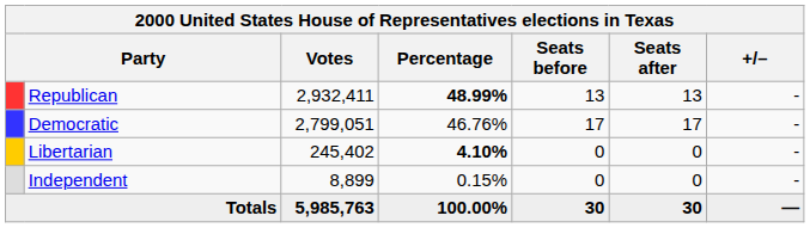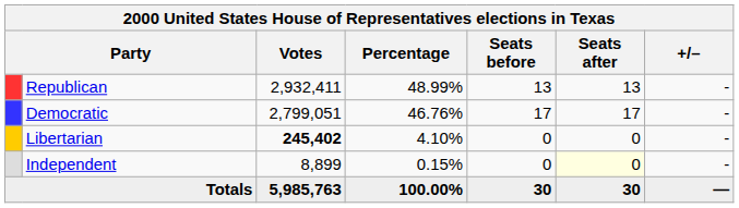 <table class="wikitable" style="font-size: 95%;">
 <tr>
 <th colspan="7">2000 United States House of Representatives elections in Texas</th>
 </tr>
 <tr>
 <th colspan=2 style="width: 15em">Party</th>
 <th style="width: 5em">Votes</th>
 <th style="width: 7em">Percentage</th>
 <th style="width: 5em">Seats before</th>
 <th style="width: 5em">Seats after</th>
 <th style="width: 5em">+/–</th>
 </tr>
 <tr>
 <th style="background-color:#FF3333; width: 3px"></th>
 <td style="width: 130px"><a href='#'>Republican</a></td>
 <td align="right">2,932,411</td>
-<td align="right"><strong>48.99%</strong></td>
+<td align="right">48.99%</td>
 <td align="right">13</td>
 <td align="right">13</td>
 <td align="right">-</td>
 </tr>
 <tr>
 <th style="background-color:#3333FF; width: 3px"></th>
 <td style="width: 130px"><a href='#'>Democratic</a></td>
 <td align="right">2,799,051</td>
 <td align="right">46.76%</td>
 <td align="right">17</td>
 <td align="right">17</td>
 <td align="right">-</td>
 </tr>
 <tr>
 <th style="background-color:#FFCC00; width: 3px"></th>
 <td style="width: 130px"><a href='#'>Libertarian</a></td>
-<td align="right">245,402</td>
-<td align="right"><strong>4.10%</strong></td>
+<td align="right"><strong>245,402</strong></td>
+<td align="right">4.10%</td>
 <td align="right">0</td>
 <td align="right">0</td>
 <td align="right">-</td>
 </tr>
 <tr>
 <th style="background-color:#DDDDDD; width: 3px"></th>
 <td style="width: 130px"><a href='#'>Independent</a></td>
 <td align="right">8,899</td>
 <td align="right">0.15%</td>
 <td align="right">0</td>
-<td align="right">0</td>
+<td align="right" style="background: lightyellow;">0</td>
 <td align="right">-</td>
 </tr>
 <tr bgcolor="#EEEEEE">
 <td colspan="2" align="right"><strong>Totals</strong></td>
 <td align="right"><strong>5,985,763</strong></td>
 <td align="right"><strong>100.00%</strong></td>
 <td align="right"><strong>30</strong></td>
 <td align="right"><strong>30</strong></td>
 <td align="right"><strong>—</strong></td>
 </tr>
 </table>
